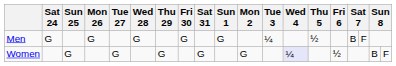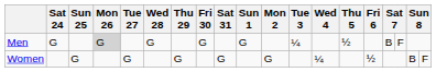 <table class="wikitable olympic-schedule handball">
 <tr>
 <th></th>
 <th>Sat 24</th>
 <th>Sun 25</th>
 <th>Mon 26</th>
 <th>Tue 27</th>
 <th>Wed 28</th>
 <th>Thu 29</th>
 <th>Fri 30</th>
 <th>Sat 31</th>
 <th>Sun 1</th>
 <th>Mon 2</th>
 <th>Tue 3</th>
 <th>Wed 4</th>
 <th>Thu 5</th>
 <th>Fri 6</th>
 <th colspan="2">Sat 7</th>
 <th colspan="2">Sun 8</th>
 </tr>
 <tr>
 <td class="event"><a href='#'>Men</a></td>
 <td class="team-group">G</td>
 <td></td>
-<td class="team-group">G</td>
+<td class="team-group" style="background: lightgrey;">G</td>
 <td></td>
 <td class="team-group">G</td>
 <td></td>
 <td class="team-group">G</td>
 <td></td>
 <td class="team-group">G</td>
 <td></td>
 <td class="team-qf">¼</td>
 <td></td>
 <td class="team-sf">½</td>
 <td></td>
 <td class="team-bronze">B</td>
 <td class="team-final">F</td>
 <td colspan=2></td>
 </tr>
 <tr>
 <td class="event"><a href='#'>Women</a></td>
 <td></td>
 <td class="team-group">G</td>
 <td></td>
 <td class="team-group">G</td>
 <td></td>
 <td class="team-group">G</td>
 <td></td>
 <td class="team-group">G</td>
 <td></td>
 <td class="team-group">G</td>
 <td></td>
-<td class="team-qf" style="background: lavender;">¼</td>
+<td class="team-qf">¼</td>
 <td></td>
 <td class="team-sf">½</td>
 <td colspan=2></td>
 <td class="team-bronze">B</td>
 <td class="team-final">F</td>
 </tr>
 </table>
